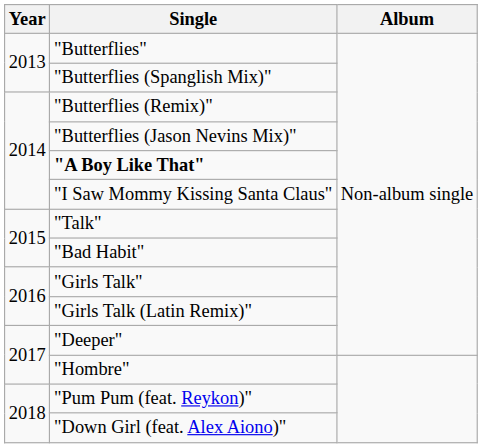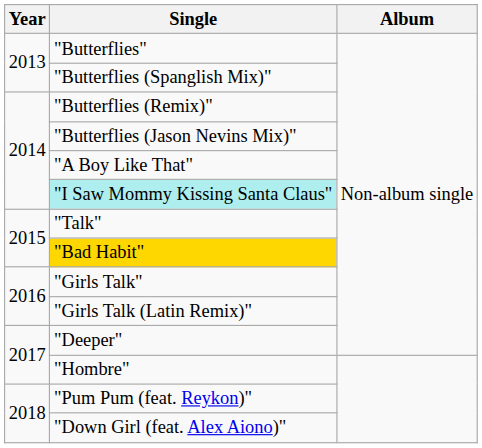 <table class="wikitable sortable">
 <tr>
 <th>Year</th>
 <th>Single</th>
 <th>Album</th>
 </tr>
 <tr>
 <td rowspan="2">2013</td>
 <td>"Butterflies"</td>
 <td rowspan="11">Non-album single</td>
 </tr>
 <tr>
 <td>"Butterflies (Spanglish Mix)"</td>
 </tr>
 <tr>
 <td rowspan="4">2014</td>
 <td>"Butterflies (Remix)"</td>
 </tr>
 <tr>
 <td>"Butterflies (Jason Nevins Mix)"</td>
 </tr>
 <tr>
-<td><strong>"A Boy Like That"</strong></td>
+<td>"A Boy Like That"</td>
 </tr>
 <tr>
-<td>"I Saw Mommy Kissing Santa Claus"</td>
+<td style="background: paleturquoise;">"I Saw Mommy Kissing Santa Claus"</td>
 </tr>
 <tr>
 <td rowspan="2">2015</td>
 <td>"Talk"</td>
 </tr>
 <tr>
-<td>"Bad Habit"</td>
+<td style="background: gold;">"Bad Habit"</td>
 </tr>
 <tr>
 <td rowspan="2">2016</td>
 <td>"Girls Talk"</td>
 </tr>
 <tr>
 <td>"Girls Talk (Latin Remix)"</td>
 </tr>
 <tr>
 <td rowspan="2">2017</td>
 <td>"Deeper"</td>
 </tr>
 <tr>
 <td>"Hombre"</td>
 </tr>
 <tr>
 <td rowspan="2">2018</td>
 <td>"Pum Pum (feat. <a href='#'>Reykon</a>)"</td>
 </tr>
 <tr>
 <td>"Down Girl (feat. <a href='#'>Alex Aiono</a>)"</td>
 </tr>
 </table>
